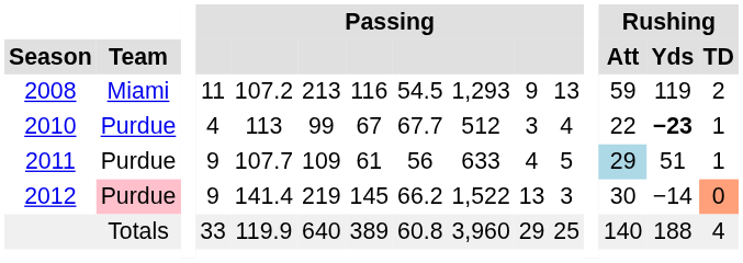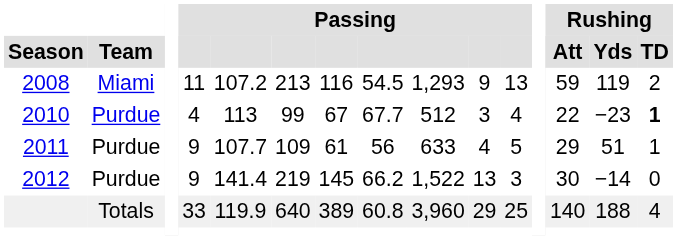 <table border="0" cellpadding="3" cellspacing="0" style="text-align:center">
 <tr style="background:#e0e0e0;">
 <th colspan="2" style="background:White;"> </th>
 <th rowspan="99" style="background:White;"> </th>
 <th colspan="8">Passing</th>
 <th rowspan="99" style="background:White;"> </th>
 <th colspan="3">Rushing</th>
 </tr>
 <tr style="background:#e0e0e0;">
 <th>Season</th>
 <th>Team</th>
 <th></th>
 <th></th>
 <th></th>
 <th></th>
 <th></th>
 <th></th>
 <th></th>
 <th></th>
 <th align="center">Att</th>
 <th>Yds</th>
 <th>TD</th>
 </tr>
 <tr>
 <td><a href='#'>2008</a></td>
 <td><a href='#'>Miami</a></td>
 <td>11</td>
 <td>107.2</td>
 <td>213</td>
 <td>116</td>
 <td>54.5</td>
 <td>1,293</td>
 <td>9</td>
 <td>13</td>
 <td>59</td>
 <td>119</td>
 <td>2</td>
 </tr>
 <tr>
 <td><a href='#'>2010</a></td>
 <td><a href='#'>Purdue</a></td>
 <td>4</td>
 <td>113</td>
 <td>99</td>
 <td>67</td>
 <td>67.7</td>
 <td>512</td>
 <td>3</td>
 <td>4</td>
 <td>22</td>
-<td><strong>−23</strong></td>
-<td>1</td>
+<td>−23</td>
+<td><strong>1</strong></td>
 </tr>
 <tr>
 <td><a href='#'>2011</a></td>
 <td>Purdue</td>
 <td>9</td>
 <td>107.7</td>
 <td>109</td>
 <td>61</td>
 <td>56</td>
 <td>633</td>
 <td>4</td>
 <td>5</td>
-<td style="background: lightblue;">29</td>
+<td>29</td>
 <td>51</td>
 <td>1</td>
 </tr>
 <tr>
 <td><a href='#'>2012</a></td>
-<td style="background: pink;">Purdue</td>
+<td>Purdue</td>
 <td>9</td>
 <td>141.4</td>
 <td>219</td>
 <td>145</td>
 <td>66.2</td>
 <td>1,522</td>
 <td>13</td>
 <td>3</td>
 <td>30</td>
 <td>−14</td>
-<td style="background: lightsalmon;">0</td>
+<td>0</td>
 </tr>
 <tr style="background:#f0f0f0;">
 <td></td>
 <td>Totals</td>
 <td>33</td>
 <td>119.9</td>
 <td>640</td>
 <td>389</td>
 <td>60.8</td>
 <td>3,960</td>
 <td>29</td>
 <td>25</td>
 <td>140</td>
 <td>188</td>
 <td>4</td>
 </tr>
 <tr>
 <td></td>
 </tr>
 </table>
